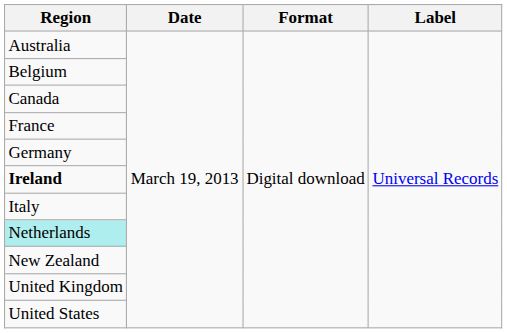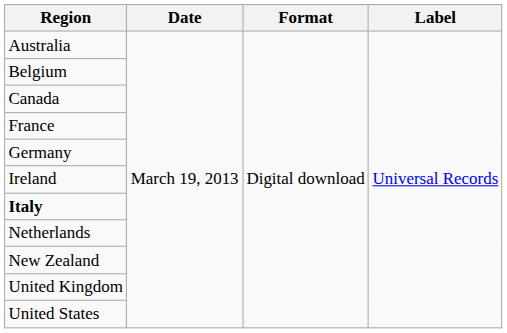 <table class="wikitable plainrowheaders">
 <tr>
 <th scope="col">Region</th>
 <th scope="col">Date</th>
 <th scope="col">Format</th>
 <th scope="col">Label</th>
 </tr>
 <tr>
 <td>Australia</td>
 <td rowspan=11>March 19, 2013</td>
 <td rowspan=11>Digital download</td>
 <td rowspan=11><a href='#'>Universal Records</a></td>
 </tr>
 <tr>
 <td>Belgium</td>
 </tr>
 <tr>
 <td>Canada</td>
 </tr>
 <tr>
 <td>France</td>
 </tr>
 <tr>
 <td>Germany</td>
 </tr>
 <tr>
-<td><strong>Ireland</strong></td>
+<td>Ireland</td>
 </tr>
 <tr>
-<td>Italy</td>
+<td><strong>Italy</strong></td>
 </tr>
 <tr>
-<td style="background: paleturquoise;">Netherlands</td>
+<td>Netherlands</td>
 </tr>
 <tr>
 <td>New Zealand</td>
 </tr>
 <tr>
 <td>United Kingdom</td>
 </tr>
 <tr>
 <td>United States</td>
 </tr>
 </table>
